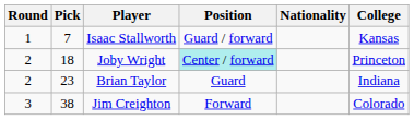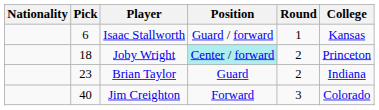 <table class="wikitable sortable">
 <tr>
-<th scope="col">Round</th>
+<th scope="col">Nationality</th>
 <th scope="col">Pick</th>
 <th scope="col">Player</th>
 <th scope="col">Position</th>
-<th scope="col">Nationality</th>
+<th scope="col">Round</th>
 <th scope="col">College</th>
 </tr>
 <tr style="text-align: center">
-<td>1</td>
-<td>7</td>
+<td></td>
+<td>6</td>
 <td><a href='#'>Isaac Stallworth</a></td>
 <td><a href='#'>Guard</a> / <a href='#'>forward</a></td>
-<td></td>
+<td>1</td>
 <td><a href='#'>Kansas</a></td>
 </tr>
 <tr style="text-align: center">
-<td>2</td>
+<td></td>
 <td>18</td>
 <td><a href='#'>Joby Wright</a></td>
 <td style="background: paleturquoise;"><a href='#'>Center</a> / <a href='#'>forward</a></td>
-<td></td>
+<td>2</td>
 <td><a href='#'>Princeton</a></td>
 </tr>
 <tr style="text-align: center">
-<td>2</td>
+<td></td>
 <td>23</td>
 <td><a href='#'>Brian Taylor</a></td>
 <td><a href='#'>Guard</a></td>
-<td></td>
+<td>2</td>
 <td><a href='#'>Indiana</a></td>
 </tr>
 <tr style="text-align: center">
-<td>3</td>
-<td>38</td>
+<td></td>
+<td>40</td>
 <td><a href='#'>Jim Creighton</a></td>
 <td><a href='#'>Forward</a></td>
-<td></td>
+<td>3</td>
 <td><a href='#'>Colorado</a></td>
 </tr>
 </table>
